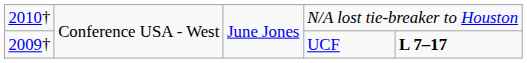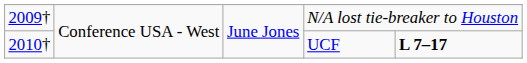 <table class="wikitable">
 <tr>
 </tr>
 <tr>
-<td><a href='#'>2010</a>†</td>
+<td><a href='#'>2009</a>†</td>
 <td rowspan="2">Conference USA - West</td>
 <td rowspan="2"><a href='#'>June Jones</a></td>
 <td colspan="2"><em>N/A lost tie-breaker to <a href='#'>Houston</a></em></td>
 </tr>
 <tr>
-<td><a href='#'>2009</a>†</td>
+<td><a href='#'>2010</a>†</td>
 <td><a href='#'>UCF</a></td>
 <td><strong>L 7–17</strong></td>
 </tr>
 </table>
